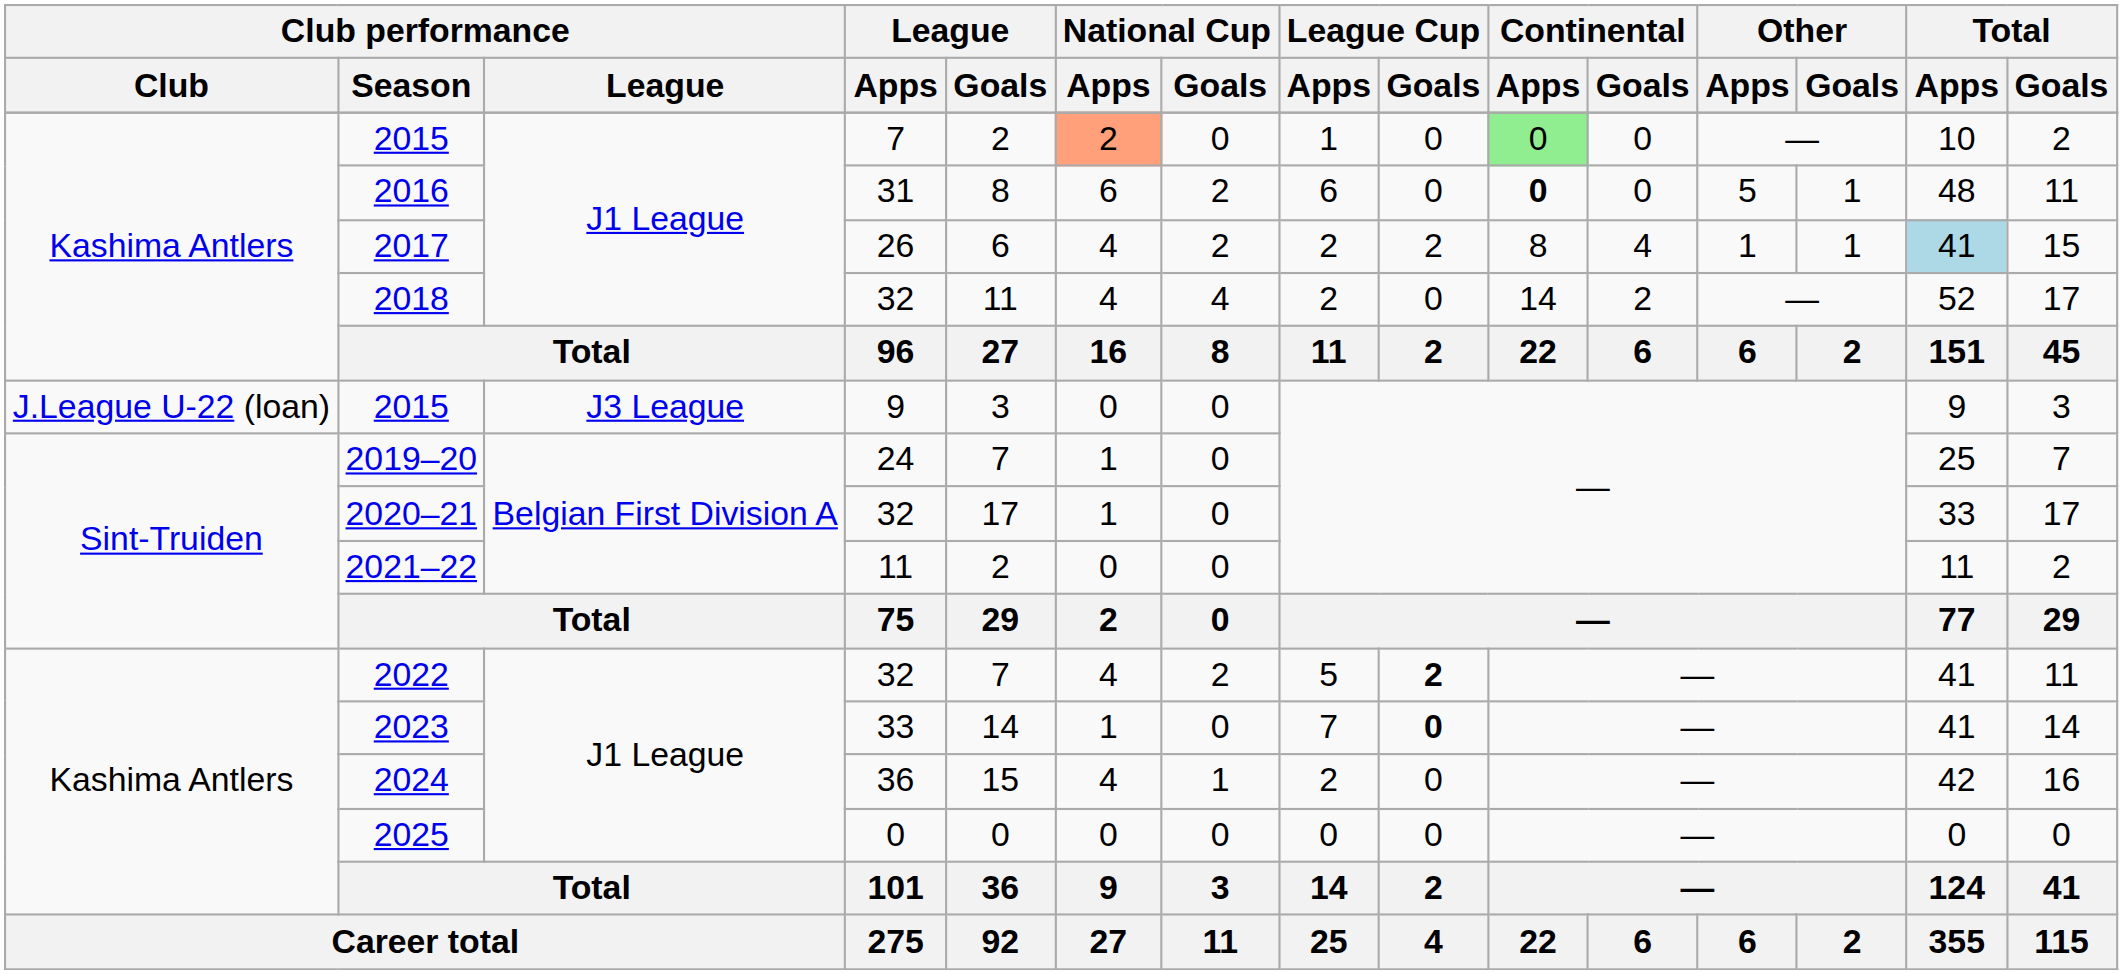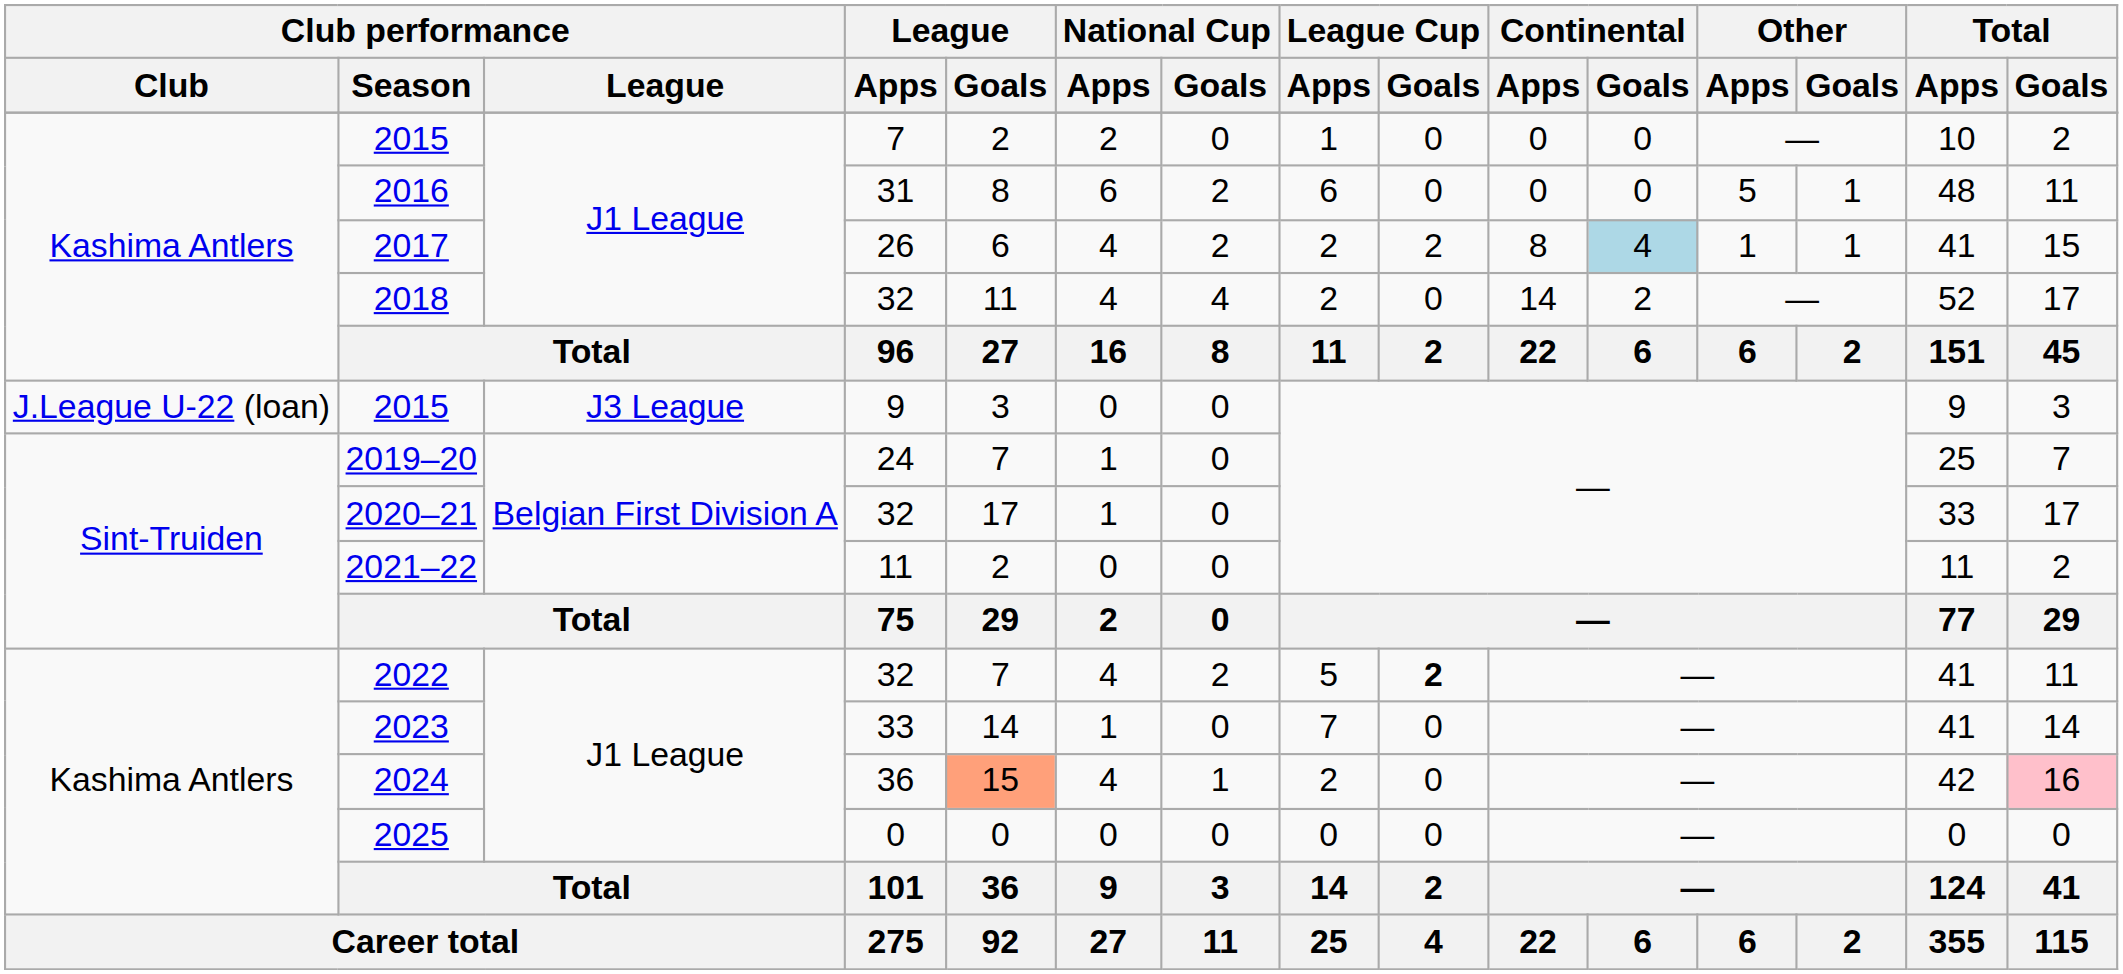 <table class="wikitable" style="text-align:center">
 <tr>
 <th colspan=3>Club performance</th>
 <th colspan=2>League</th>
 <th colspan=2>National Cup</th>
 <th colspan=2>League Cup</th>
 <th colspan=2>Continental</th>
 <th colspan=2>Other</th>
 <th colspan=2>Total</th>
 </tr>
 <tr>
 <th>Club</th>
 <th>Season</th>
 <th>League</th>
 <th>Apps</th>
 <th>Goals</th>
 <th>Apps</th>
 <th>Goals</th>
 <th>Apps</th>
 <th>Goals</th>
 <th>Apps</th>
 <th>Goals</th>
 <th>Apps</th>
 <th>Goals</th>
 <th>Apps</th>
 <th>Goals</th>
 </tr>
 <tr>
 </tr>
 <tr>
 <td rowspan="5"><a href='#'>Kashima Antlers</a></td>
 <td><a href='#'>2015</a></td>
 <td rowspan="4"><a href='#'>J1 League</a></td>
 <td>7</td>
 <td>2</td>
-<td style="background: lightsalmon;">2</td>
+<td>2</td>
 <td>0</td>
 <td>1</td>
 <td>0</td>
-<td style="background: lightgreen;">0</td>
+<td>0</td>
 <td>0</td>
 <td colspan="2">—</td>
 <td>10</td>
 <td>2</td>
 </tr>
 <tr>
 <td><a href='#'>2016</a></td>
 <td>31</td>
 <td>8</td>
 <td>6</td>
 <td>2</td>
 <td>6</td>
 <td>0</td>
-<td><strong>0</strong></td>
+<td>0</td>
 <td>0</td>
 <td>5</td>
 <td>1</td>
 <td>48</td>
 <td>11</td>
 </tr>
 <tr>
 <td><a href='#'>2017</a></td>
 <td>26</td>
 <td>6</td>
 <td>4</td>
 <td>2</td>
 <td>2</td>
 <td>2</td>
 <td>8</td>
-<td>4</td>
+<td style="background: lightblue;">4</td>
 <td>1</td>
 <td>1</td>
-<td style="background: lightblue;">41</td>
+<td>41</td>
 <td>15</td>
 </tr>
 <tr>
 <td><a href='#'>2018</a></td>
 <td>32</td>
 <td>11</td>
 <td>4</td>
 <td>4</td>
 <td>2</td>
 <td>0</td>
 <td>14</td>
 <td>2</td>
 <td colspan="2">—</td>
 <td>52</td>
 <td>17</td>
 </tr>
 <tr>
 <th colspan=2>Total</th>
 <th>96</th>
 <th>27</th>
 <th>16</th>
 <th>8</th>
 <th>11</th>
 <th>2</th>
 <th>22</th>
 <th>6</th>
 <th>6</th>
 <th>2</th>
 <th>151</th>
 <th>45</th>
 </tr>
 <tr>
 <td><a href='#'>J.League U-22</a> (loan)</td>
 <td><a href='#'>2015</a></td>
 <td><a href='#'>J3 League</a></td>
 <td>9</td>
 <td>3</td>
 <td>0</td>
 <td>0</td>
 <td rowspan="4" colspan="6">—</td>
 <td>9</td>
 <td>3</td>
 </tr>
 <tr>
 <td rowspan="4"><a href='#'>Sint-Truiden</a></td>
 <td><a href='#'>2019–20</a></td>
 <td rowspan="3"><a href='#'>Belgian First Division A</a></td>
 <td>24</td>
 <td>7</td>
 <td>1</td>
 <td>0</td>
 <td>25</td>
 <td>7</td>
 </tr>
 <tr>
 <td><a href='#'>2020–21</a></td>
 <td>32</td>
 <td>17</td>
 <td>1</td>
 <td>0</td>
 <td>33</td>
 <td>17</td>
 </tr>
 <tr>
 <td><a href='#'>2021–22</a></td>
 <td>11</td>
 <td>2</td>
 <td>0</td>
 <td>0</td>
 <td>11</td>
 <td>2</td>
 </tr>
 <tr>
 <th colspan=2>Total</th>
 <th>75</th>
 <th>29</th>
 <th>2</th>
 <th>0</th>
 <th colspan="6">—</th>
 <th>77</th>
 <th>29</th>
 </tr>
 <tr>
 <td rowspan="5">Kashima Antlers</td>
 <td><a href='#'>2022</a></td>
 <td rowspan="4">J1 League</td>
 <td>32</td>
 <td>7</td>
 <td>4</td>
 <td>2</td>
 <td>5</td>
 <td><strong>2</strong></td>
 <td colspan="4">—</td>
 <td>41</td>
 <td>11</td>
 </tr>
 <tr>
 <td><a href='#'>2023</a></td>
 <td>33</td>
 <td>14</td>
 <td>1</td>
 <td>0</td>
 <td>7</td>
-<td><strong>0</strong></td>
+<td>0</td>
 <td colspan="4">—</td>
 <td>41</td>
 <td>14</td>
 </tr>
 <tr>
 <td><a href='#'>2024</a></td>
 <td>36</td>
-<td>15</td>
+<td style="background: lightsalmon;">15</td>
 <td>4</td>
 <td>1</td>
 <td>2</td>
 <td>0</td>
 <td colspan="4">—</td>
 <td>42</td>
-<td>16</td>
+<td style="background: pink;">16</td>
 </tr>
 <tr>
 <td><a href='#'>2025</a></td>
 <td>0</td>
 <td>0</td>
 <td>0</td>
 <td>0</td>
 <td>0</td>
 <td>0</td>
 <td colspan="4">—</td>
 <td>0</td>
 <td>0</td>
 </tr>
 <tr>
 <th colspan=2>Total</th>
 <th>101</th>
 <th>36</th>
 <th>9</th>
 <th>3</th>
 <th>14</th>
 <th>2</th>
 <th colspan="4">—</th>
 <th>124</th>
 <th>41</th>
 </tr>
 <tr>
 <th colspan="3">Career total</th>
 <th>275</th>
 <th>92</th>
 <th>27</th>
 <th>11</th>
 <th>25</th>
 <th>4</th>
 <th>22</th>
 <th>6</th>
 <th>6</th>
 <th>2</th>
 <th>355</th>
 <th>115</th>
 </tr>
 </table>
